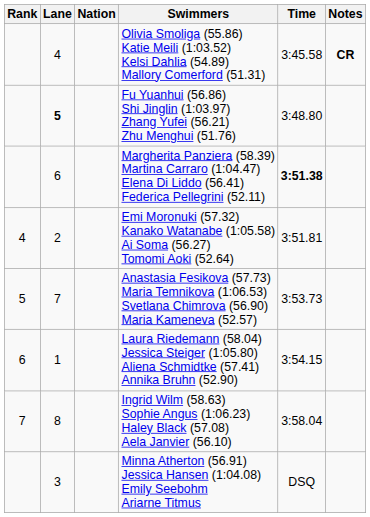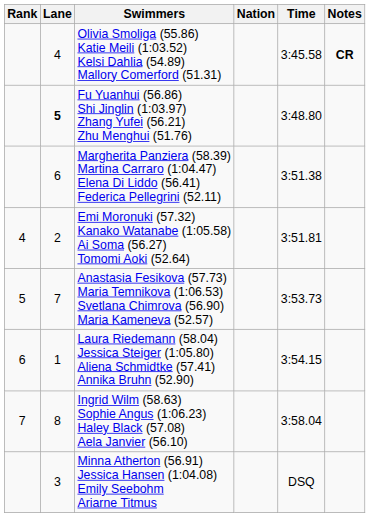 <table class="wikitable sortable" style="text-align:center">
 <tr>
 <th>Rank</th>
 <th>Lane</th>
+<th>Swimmers</th>
 <th>Nation</th>
-<th>Swimmers</th>
 <th>Time</th>
 <th>Notes</th>
 </tr>
 <tr>
 <td></td>
 <td>4</td>
+<td align=left><a href='#'>Olivia Smoliga</a> (55.86)<br><a href='#'>Katie Meili</a> (1:03.52)<br><a href='#'>Kelsi Dahlia</a> (54.89)<br><a href='#'>Mallory Comerford</a> (51.31)</td>
 <td align=left></td>
-<td align=left><a href='#'>Olivia Smoliga</a> (55.86)<br><a href='#'>Katie Meili</a> (1:03.52)<br><a href='#'>Kelsi Dahlia</a> (54.89)<br><a href='#'>Mallory Comerford</a> (51.31)</td>
 <td>3:45.58</td>
 <td><strong>CR</strong></td>
 </tr>
 <tr>
 <td></td>
 <td><strong>5</strong></td>
+<td align=left><a href='#'>Fu Yuanhui</a> (56.86)<br><a href='#'>Shi Jinglin</a> (1:03.97)<br><a href='#'>Zhang Yufei</a> (56.21)<br><a href='#'>Zhu Menghui</a> (51.76)</td>
 <td align=left></td>
-<td align=left><a href='#'>Fu Yuanhui</a> (56.86)<br><a href='#'>Shi Jinglin</a> (1:03.97)<br><a href='#'>Zhang Yufei</a> (56.21)<br><a href='#'>Zhu Menghui</a> (51.76)</td>
 <td>3:48.80</td>
 <td></td>
 </tr>
 <tr>
 <td></td>
 <td>6</td>
+<td align=left><a href='#'>Margherita Panziera</a> (58.39)<br><a href='#'>Martina Carraro</a> (1:04.47)<br><a href='#'>Elena Di Liddo</a> (56.41)<br><a href='#'>Federica Pellegrini</a> (52.11)</td>
 <td align=left></td>
-<td align=left><a href='#'>Margherita Panziera</a> (58.39)<br><a href='#'>Martina Carraro</a> (1:04.47)<br><a href='#'>Elena Di Liddo</a> (56.41)<br><a href='#'>Federica Pellegrini</a> (52.11)</td>
-<td><strong>3:51.38</strong></td>
+<td>3:51.38</td>
 <td></td>
 </tr>
 <tr>
 <td>4</td>
 <td>2</td>
+<td align=left><a href='#'>Emi Moronuki</a> (57.32)<br><a href='#'>Kanako Watanabe</a> (1:05.58)<br><a href='#'>Ai Soma</a> (56.27)<br><a href='#'>Tomomi Aoki</a> (52.64)</td>
 <td align=left></td>
-<td align=left><a href='#'>Emi Moronuki</a> (57.32)<br><a href='#'>Kanako Watanabe</a> (1:05.58)<br><a href='#'>Ai Soma</a> (56.27)<br><a href='#'>Tomomi Aoki</a> (52.64)</td>
 <td>3:51.81</td>
 <td></td>
 </tr>
 <tr>
 <td>5</td>
 <td>7</td>
+<td align=left><a href='#'>Anastasia Fesikova</a> (57.73)<br><a href='#'>Maria Temnikova</a> (1:06.53)<br><a href='#'>Svetlana Chimrova</a> (56.90)<br><a href='#'>Maria Kameneva</a> (52.57)</td>
 <td align=left></td>
-<td align=left><a href='#'>Anastasia Fesikova</a> (57.73)<br><a href='#'>Maria Temnikova</a> (1:06.53)<br><a href='#'>Svetlana Chimrova</a> (56.90)<br><a href='#'>Maria Kameneva</a> (52.57)</td>
 <td>3:53.73</td>
 <td></td>
 </tr>
 <tr>
 <td>6</td>
 <td>1</td>
+<td align=left><a href='#'>Laura Riedemann</a> (58.04)<br><a href='#'>Jessica Steiger</a> (1:05.80)<br><a href='#'>Aliena Schmidtke</a> (57.41)<br><a href='#'>Annika Bruhn</a> (52.90)</td>
 <td align=left></td>
-<td align=left><a href='#'>Laura Riedemann</a> (58.04)<br><a href='#'>Jessica Steiger</a> (1:05.80)<br><a href='#'>Aliena Schmidtke</a> (57.41)<br><a href='#'>Annika Bruhn</a> (52.90)</td>
 <td>3:54.15</td>
 <td></td>
 </tr>
 <tr>
 <td>7</td>
 <td>8</td>
+<td align=left><a href='#'>Ingrid Wilm</a> (58.63)<br><a href='#'>Sophie Angus</a> (1:06.23)<br><a href='#'>Haley Black</a> (57.08)<br><a href='#'>Aela Janvier</a> (56.10)</td>
 <td align=left></td>
-<td align=left><a href='#'>Ingrid Wilm</a> (58.63)<br><a href='#'>Sophie Angus</a> (1:06.23)<br><a href='#'>Haley Black</a> (57.08)<br><a href='#'>Aela Janvier</a> (56.10)</td>
 <td>3:58.04</td>
 <td></td>
 </tr>
 <tr>
 <td></td>
 <td>3</td>
+<td align=left><a href='#'>Minna Atherton</a> (56.91)<br><a href='#'>Jessica Hansen</a> (1:04.08)<br><a href='#'>Emily Seebohm</a> <br><a href='#'>Ariarne Titmus</a></td>
 <td align=left></td>
-<td align=left><a href='#'>Minna Atherton</a> (56.91)<br><a href='#'>Jessica Hansen</a> (1:04.08)<br><a href='#'>Emily Seebohm</a> <br><a href='#'>Ariarne Titmus</a></td>
 <td>DSQ</td>
 <td></td>
 </tr>
 </table>
